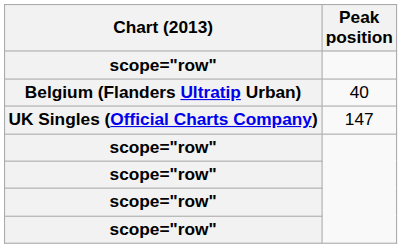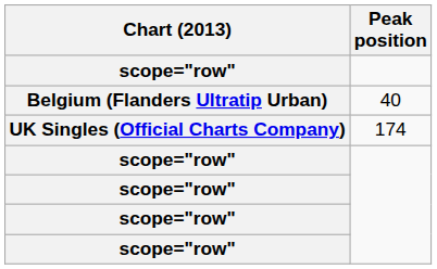 <table class="wikitable sortable plainrowheaders" style="text-align:center;">
 <tr>
 <th scope="col">Chart (2013)</th>
 <th scope="col">Peak<br>position</th>
 </tr>
 <tr>
 <th>scope="row"</th>
 </tr>
 <tr>
 <th scope="row">Belgium (Flanders <a href='#'>Ultratip</a> Urban)</th>
 <td>40</td>
 </tr>
 <tr>
 <th scope="row">UK Singles (<a href='#'>Official Charts Company</a>)</th>
-<td>147</td>
+<td>174</td>
 </tr>
 <tr>
 <th>scope="row"</th>
 </tr>
 <tr>
 <th>scope="row"</th>
 </tr>
 <tr>
 <th>scope="row"</th>
 </tr>
 <tr>
 <th>scope="row"</th>
 </tr>
 </table>
